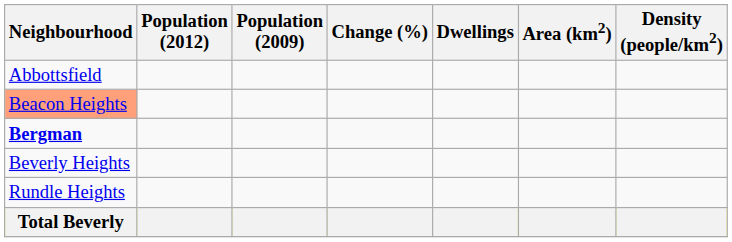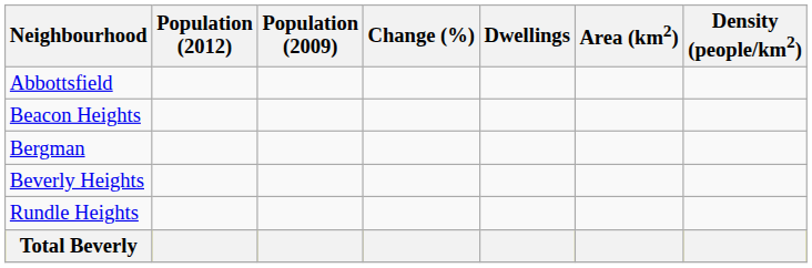 <table class="wikitable sortable">
 <tr>
 <th>Neighbourhood</th>
 <th>Population<br>(2012)</th>
 <th>Population<br>(2009)</th>
 <th>Change (%)</th>
 <th>Dwellings</th>
 <th>Area (km<sup>2</sup>)</th>
 <th>Density<br>(people/km<sup>2</sup>)</th>
 </tr>
 <tr>
 <td><a href='#'>Abbottsfield</a></td>
 <td align=center></td>
 <td align=center></td>
 <td align=center></td>
 <td align=center></td>
 <td align=center></td>
 <td align=center></td>
 </tr>
 <tr>
-<td style="background: lightsalmon;"><a href='#'>Beacon Heights</a></td>
+<td><a href='#'>Beacon Heights</a></td>
 <td align=center></td>
 <td align=center></td>
 <td align=center></td>
 <td align=center></td>
 <td align=center></td>
 <td align=center></td>
 </tr>
 <tr>
-<td><strong><a href='#'>Bergman</a></strong></td>
+<td><a href='#'>Bergman</a></td>
 <td align=center></td>
 <td align=center></td>
 <td align=center></td>
 <td align=center></td>
 <td align=center></td>
 <td align=center></td>
 </tr>
 <tr>
 <td><a href='#'>Beverly Heights</a></td>
 <td align=center></td>
 <td align=center></td>
 <td align=center></td>
 <td align=center></td>
 <td align=center></td>
 <td align=center></td>
 </tr>
 <tr>
 <td><a href='#'>Rundle Heights</a></td>
 <td align=center></td>
 <td align=center></td>
 <td align=center></td>
 <td align=center></td>
 <td align=center></td>
 <td align=center></td>
 </tr>
 <tr class="sortbottom" bgcolor="yellow">
 <th>Total Beverly</th>
 <th align=center></th>
 <th align=center></th>
 <th align=center></th>
 <th align=center></th>
 <th align=center></th>
 <th align=center></th>
 </tr>
 <tr>
 </tr>
 </table>
